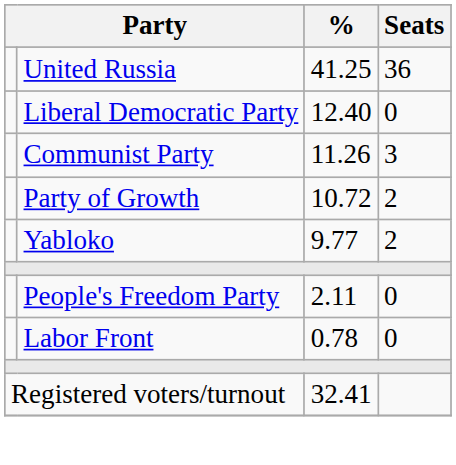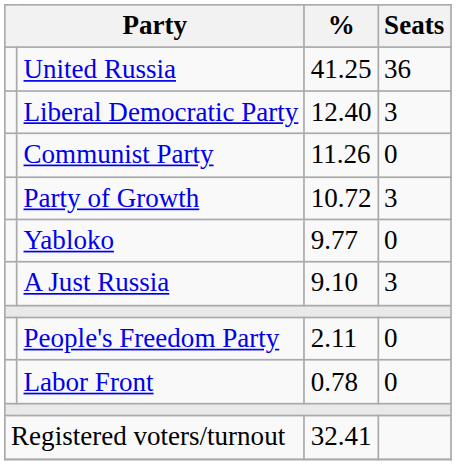 <table class="wikitable">
 <tr>
 <th colspan=2>Party</th>
 <th>%</th>
 <th>Seats</th>
 </tr>
 <tr>
 <td style="background:"></td>
 <td><a href='#'>United Russia</a></td>
 <td>41.25</td>
 <td>36</td>
 </tr>
 <tr>
 <td style="background:"></td>
 <td><a href='#'>Liberal Democratic Party</a></td>
 <td>12.40</td>
-<td>0</td>
+<td>3</td>
 </tr>
 <tr>
 <td style="background:"></td>
 <td><a href='#'>Communist Party</a></td>
 <td>11.26</td>
-<td>3</td>
+<td>0</td>
 </tr>
 <tr>
 <td style="background:"></td>
 <td><a href='#'>Party of Growth</a></td>
 <td>10.72</td>
-<td>2</td>
+<td>3</td>
 </tr>
 <tr>
 <td style="background:"></td>
 <td><a href='#'>Yabloko</a></td>
 <td>9.77</td>
-<td>2</td>
+<td>0</td>
+</tr>
+<tr>
+<td style="background:"></td>
+<td><a href='#'>A Just Russia</a></td>
+<td>9.10</td>
+<td>3</td>
 </tr>
 <tr>
 <td colspan=4 style="background:#E9E9E9;"></td>
 </tr>
 <tr>
 <td style="background:"></td>
 <td><a href='#'>People's Freedom Party</a></td>
 <td>2.11</td>
 <td>0</td>
 </tr>
 <tr>
 <td style="background:"></td>
 <td><a href='#'>Labor Front</a></td>
 <td>0.78</td>
 <td>0</td>
 </tr>
 <tr>
 <td colspan=4 style="background:#E9E9E9;"></td>
 </tr>
 <tr>
 <td align=left colspan=2>Registered voters/turnout</td>
 <td>32.41</td>
 <td></td>
 </tr>
 <tr>
 </tr>
 </table>
